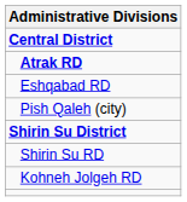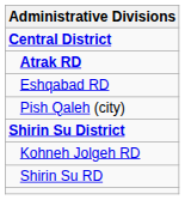 <table class="wikitable">
 <tr>
 <th>Administrative Divisions</th>
 </tr>
 <tr>
 <td><strong><a href='#'>Central District</a></strong></td>
 </tr>
 <tr>
 <td style="padding-left: 1em;"><strong><a href='#'>Atrak RD</a></strong></td>
 </tr>
 <tr>
 <td style="padding-left: 1em;"><a href='#'>Eshqabad RD</a></td>
 </tr>
 <tr>
 <td style="padding-left: 1em;"><a href='#'>Pish Qaleh</a> (city)</td>
 </tr>
 <tr>
 <td><strong><a href='#'>Shirin Su District</a></strong></td>
 </tr>
 <tr>
-<td style="padding-left: 1em;"><a href='#'>Shirin Su RD</a></td>
+<td style="padding-left: 1em;"><a href='#'>Kohneh Jolgeh RD</a></td>
 </tr>
 <tr>
-<td style="padding-left: 1em;"><a href='#'>Kohneh Jolgeh RD</a></td>
+<td style="padding-left: 1em;"><a href='#'>Shirin Su RD</a></td>
 </tr>
 <tr>
 <td colspan=1></td>
 </tr>
 </table>
